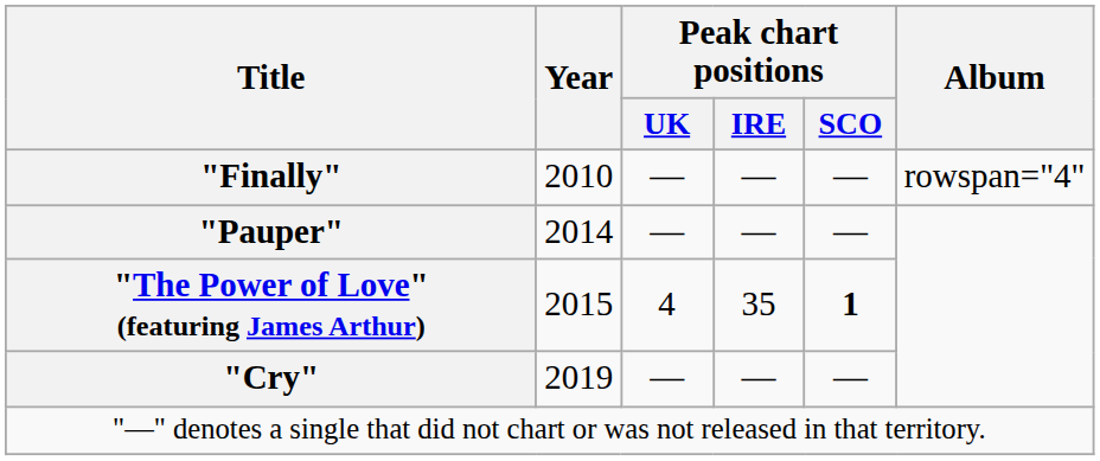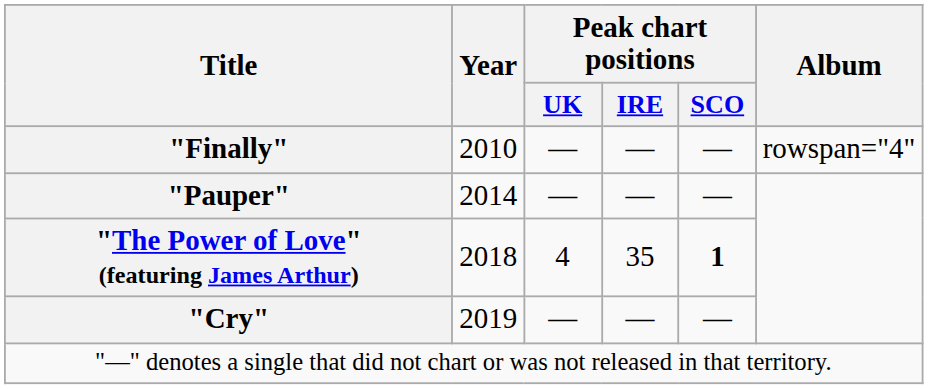 <table class="wikitable plainrowheaders" style="text-align:center;">
 <tr>
 <th scope="col" rowspan="2" style="width:15em;">Title</th>
 <th scope="col" rowspan="2" style="width:1em;">Year</th>
 <th scope="col" colspan="3">Peak chart positions</th>
 <th scope="col" rowspan="2">Album</th>
 </tr>
 <tr>
 <th scope="col" style="width:2.5em;font-size:90%;"><a href='#'>UK</a><br></th>
 <th scope="col" style="width:2.5em;font-size:90%;"><a href='#'>IRE</a><br></th>
 <th scope="col" style="width:2.5em;font-size:90%;"><a href='#'>SCO</a> <br></th>
 </tr>
 <tr>
 <th scope="row">"Finally"</th>
 <td>2010</td>
 <td>—</td>
 <td>—</td>
 <td>—</td>
 <td>rowspan="4" </td>
 </tr>
 <tr>
 <th scope="row">"Pauper"</th>
 <td>2014</td>
 <td>—</td>
 <td>—</td>
 <td>—</td>
 </tr>
 <tr>
 <th scope="row">"<a href='#'>The Power of Love</a>" <br><small>(featuring <a href='#'>James Arthur</a>)</small></th>
-<td>2015</td>
+<td>2018</td>
 <td>4</td>
 <td>35</td>
 <td><strong>1</strong></td>
 </tr>
 <tr>
 <th scope="row">"Cry"</th>
 <td>2019</td>
 <td>—</td>
 <td>—</td>
 <td>—</td>
 </tr>
 <tr>
 <td colspan="22" style="text-align:center; font-size:85%;">"—" denotes a single that did not chart or was not released in that territory.</td>
 </tr>
 </table>
